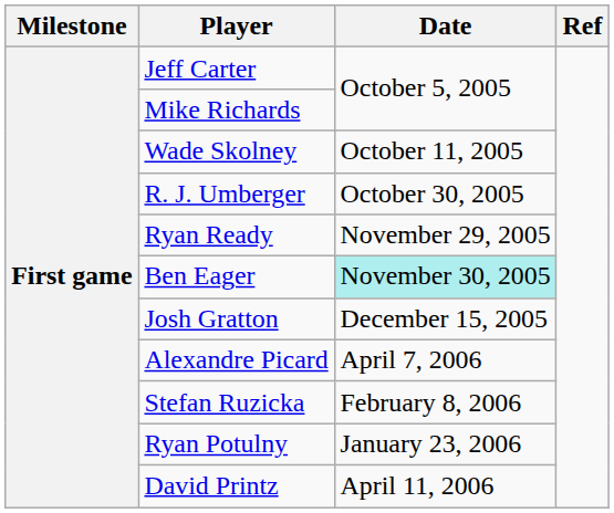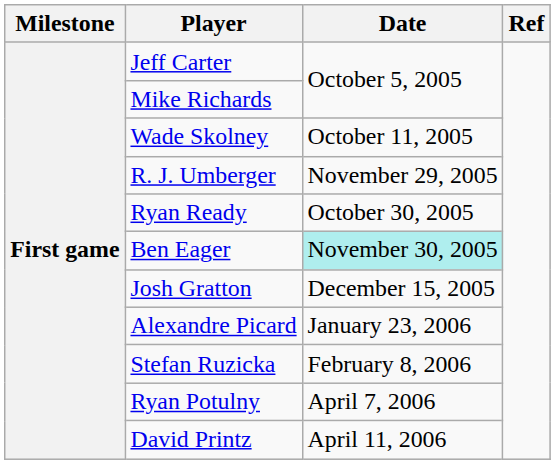 <table class="wikitable">
 <tr>
 <th scope="col">Milestone</th>
 <th scope="col">Player</th>
 <th scope="col">Date</th>
 <th scope="col">Ref</th>
 </tr>
 <tr>
 <th rowspan=11>First game</th>
 <td><a href='#'>Jeff Carter</a></td>
 <td rowspan=2>October 5, 2005</td>
 <td rowspan=11></td>
 </tr>
 <tr>
 <td><a href='#'>Mike Richards</a></td>
 </tr>
 <tr>
 <td><a href='#'>Wade Skolney</a></td>
 <td>October 11, 2005</td>
 </tr>
 <tr>
 <td><a href='#'>R. J. Umberger</a></td>
-<td>October 30, 2005</td>
+<td>November 29, 2005</td>
 </tr>
 <tr>
 <td><a href='#'>Ryan Ready</a></td>
-<td>November 29, 2005</td>
+<td>October 30, 2005</td>
 </tr>
 <tr>
 <td><a href='#'>Ben Eager</a></td>
 <td style="background: paleturquoise;">November 30, 2005</td>
 </tr>
 <tr>
 <td><a href='#'>Josh Gratton</a></td>
 <td>December 15, 2005</td>
 </tr>
 <tr>
 <td><a href='#'>Alexandre Picard</a></td>
-<td>April 7, 2006</td>
+<td>January 23, 2006</td>
 </tr>
 <tr>
 <td><a href='#'>Stefan Ruzicka</a></td>
 <td>February 8, 2006</td>
 </tr>
 <tr>
 <td><a href='#'>Ryan Potulny</a></td>
-<td>January 23, 2006</td>
+<td>April 7, 2006</td>
 </tr>
 <tr>
 <td><a href='#'>David Printz</a></td>
 <td>April 11, 2006</td>
 </tr>
 </table>
